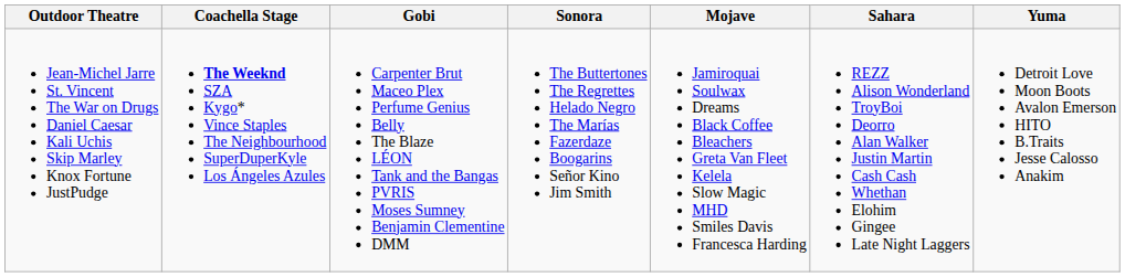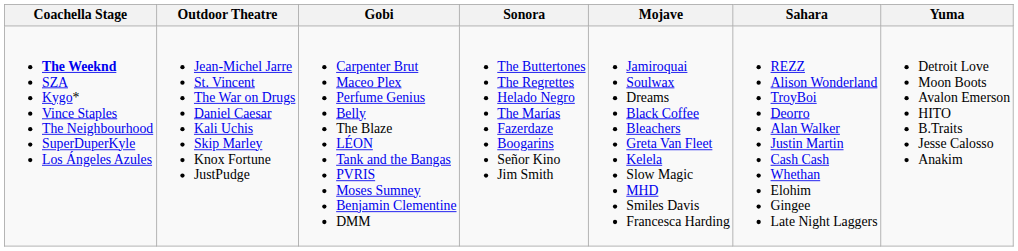 <table class="wikitable">
 <tr>
+<th>Coachella Stage</th>
 <th>Outdoor Theatre</th>
-<th>Coachella Stage</th>
 <th>Gobi</th>
 <th>Sonora</th>
 <th>Mojave</th>
 <th>Sahara</th>
 <th>Yuma</th>
 </tr>
 <tr valign="top">
+<td><br><ul><li><strong><a href='#'>The Weeknd</a></strong></li><li><a href='#'>SZA</a></li><li><a href='#'>Kygo</a>*</li><li><a href='#'>Vince Staples</a></li><li><a href='#'>The Neighbourhood</a></li><li><a href='#'>SuperDuperKyle</a></li><li><a href='#'>Los Ángeles Azules</a></li></ul></td>
 <td><br><ul><li><a href='#'>Jean-Michel Jarre</a></li><li><a href='#'>St. Vincent</a></li><li><a href='#'>The War on Drugs</a></li><li><a href='#'>Daniel Caesar</a></li><li><a href='#'>Kali Uchis</a></li><li><a href='#'>Skip Marley</a></li><li>Knox Fortune</li><li>JustPudge</li></ul></td>
-<td><br><ul><li><strong><a href='#'>The Weeknd</a></strong></li><li><a href='#'>SZA</a></li><li><a href='#'>Kygo</a>*</li><li><a href='#'>Vince Staples</a></li><li><a href='#'>The Neighbourhood</a></li><li><a href='#'>SuperDuperKyle</a></li><li><a href='#'>Los Ángeles Azules</a></li></ul></td>
 <td><br><ul><li><a href='#'>Carpenter Brut</a></li><li><a href='#'>Maceo Plex</a></li><li><a href='#'>Perfume Genius</a></li><li><a href='#'>Belly</a></li><li>The Blaze</li><li><a href='#'>LÉON</a></li><li><a href='#'>Tank and the Bangas</a></li><li><a href='#'>PVRIS</a></li><li><a href='#'>Moses Sumney</a></li><li><a href='#'>Benjamin Clementine</a></li><li>DMM</li></ul></td>
 <td><br><ul><li><a href='#'>The Buttertones</a></li><li><a href='#'>The Regrettes</a></li><li><a href='#'>Helado Negro</a></li><li><a href='#'>The Marías</a></li><li><a href='#'>Fazerdaze</a></li><li><a href='#'>Boogarins</a></li><li>Señor Kino</li><li>Jim Smith</li></ul></td>
 <td><br><ul><li><a href='#'>Jamiroquai</a></li><li><a href='#'>Soulwax</a></li><li>Dreams</li><li><a href='#'>Black Coffee</a></li><li><a href='#'>Bleachers</a></li><li><a href='#'>Greta Van Fleet</a></li><li><a href='#'>Kelela</a></li><li>Slow Magic</li><li><a href='#'>MHD</a></li><li>Smiles Davis</li><li>Francesca Harding</li></ul></td>
 <td><br><ul><li><a href='#'>REZZ</a></li><li><a href='#'>Alison Wonderland</a></li><li><a href='#'>TroyBoi</a></li><li><a href='#'>Deorro</a></li><li><a href='#'>Alan Walker</a></li><li><a href='#'>Justin Martin</a></li><li><a href='#'>Cash Cash</a></li><li><a href='#'>Whethan</a></li><li>Elohim</li><li>Gingee</li><li>Late Night Laggers</li></ul></td>
 <td><br><ul><li>Detroit Love </li><li>Moon Boots</li><li>Avalon Emerson</li><li>HITO</li><li>B.Traits</li><li>Jesse Calosso</li><li>Anakim</li></ul></td>
 </tr>
 </table>
